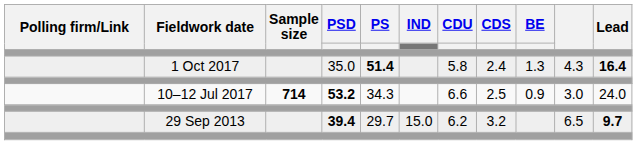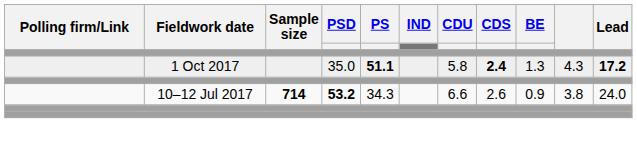 <table class="wikitable collapsible sortable" style="text-align:center; font-size:95%; line-height:16px;">
 <tr style="height:42px;">
 <th style="width:145px;" rowspan="2">Polling firm/Link</th>
 <th style="width:125px;" rowspan="2">Fieldwork date</th>
 <th class="unsortable" style="width:50px;" rowspan="2">Sample size</th>
 <th class="unsortable" style="width:35px;"><a href='#'>PSD</a></th>
 <th class="unsortable" style="width:35px;"><a href='#'>PS</a></th>
 <th class="unsortable" style="width:35px;"><a href='#'>IND</a></th>
 <th class="unsortable" style="width:35px;"><a href='#'>CDU</a></th>
 <th class="unsortable" style="width:35px;"><a href='#'>CDS</a></th>
 <th class="unsortable" style="width:35px;"><a href='#'>BE</a></th>
 <th class="unsortable" style="width:35px;" rowspan="2"></th>
 <th class="unsortable" style="width:30px;" rowspan="2">Lead</th>
 </tr>
 <tr>
 <th class="unsortable" style="color:inherit;background:"></th>
 <th class="unsortable" style="color:inherit;background:"></th>
 <th class="unsortable" style="color:inherit;background:#777777;"></th>
 <th class="unsortable" style="color:inherit;background:"></th>
 <th class="unsortable" style="color:inherit;background:"></th>
 <th class="unsortable" style="color:inherit;background:"></th>
 </tr>
 <tr>
 <td colspan="11" style="background:#A0A0A0"></td>
 </tr>
 <tr style="background:#EFEFEF;">
 <td><strong></strong></td>
 <td data-sort-value="2019-10-06">1 Oct 2017</td>
 <td></td>
 <td>35.0<br></td>
-<td><strong>51.4</strong><br></td>
+<td><strong>51.1</strong><br></td>
 <td></td>
 <td>5.8<br></td>
-<td>2.4<br></td>
+<td><strong>2.4<br></strong></td>
 <td>1.3<br></td>
 <td>4.3</td>
-<td style="background:"><strong>16.4</strong></td>
+<td style="background:"><strong>17.2</strong></td>
 </tr>
 <tr>
 <td colspan="11" style="background:#A0A0A0"></td>
 </tr>
 <tr>
 <td align="center"></td>
 <td align="center">10–12 Jul 2017</td>
 <td><strong>714</strong></td>
 <td align="center" ><strong>53.2</strong></td>
 <td align="center">34.3</td>
 <td></td>
 <td align="center">6.6</td>
-<td align="center">2.5</td>
+<td align="center">2.6</td>
 <td align="center">0.9</td>
-<td align="center">3.0</td>
+<td align="center">3.8</td>
 <td style="background:">24.0</td>
 </tr>
 <tr>
 <td colspan="11" style="background:#A0A0A0"></td>
 </tr>
-<tr style="background:#EFEFEF;">
-<td><strong></strong></td>
-<td data-sort-value="2019-10-06">29 Sep 2013</td>
-<td></td>
-<td><strong>39.4</strong><br></td>
-<td>29.7<br></td>
-<td>15.0<br></td>
-<td>6.2<br></td>
-<td>3.2<br></td>
-<td></td>
-<td>6.5</td>
-<td style="background:"><strong>9.7</strong></td>
-</tr>
 <tr>
 <td colspan="11" style="background:#A0A0A0"></td>
 </tr>
 </table>
